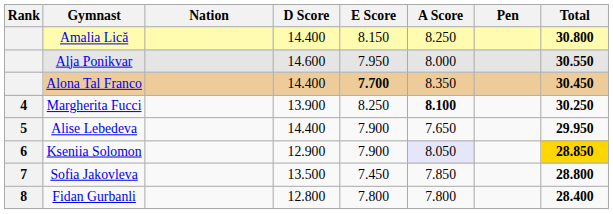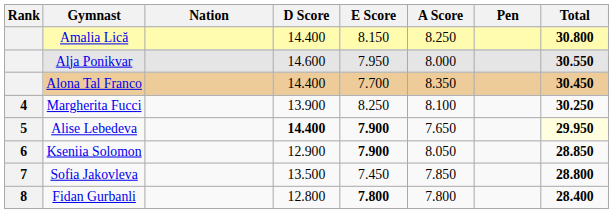 <table class="wikitable sortable" style="text-align:center; font-size:85%">
 <tr>
 <th scope="col" style="width:20px;">Rank</th>
 <th>Gymnast</th>
 <th scope="col" style="width:120px;" !>Nation</th>
 <th scope="col" style="width:60px;" !>D Score</th>
 <th scope="col" style="width:60px;" !>E Score</th>
 <th scope="col" style="width:60px;" !>A Score</th>
 <th scope="col" style="width:60px;" !>Pen</th>
 <th scope="col" style="width:60px;" !>Total</th>
 </tr>
 <tr bgcolor="fffcaf">
 <th scope="row"></th>
 <td><a href='#'>Amalia Lică</a></td>
 <td align="left"></td>
 <td>14.400</td>
 <td>8.150</td>
 <td>8.250</td>
 <td></td>
 <td><strong>30.800</strong></td>
 </tr>
 <tr bgcolor="e5e5e5">
 <th scope="row"></th>
 <td><a href='#'>Alja Ponikvar</a></td>
 <td align="left"></td>
 <td>14.600</td>
 <td>7.950</td>
 <td>8.000</td>
 <td></td>
 <td><strong>30.550</strong></td>
 </tr>
 <tr bgcolor="eecc99">
 <th scope="row"></th>
 <td><a href='#'>Alona Tal Franco</a></td>
 <td align="left"></td>
 <td>14.400</td>
-<td><strong>7.700</strong></td>
+<td>7.700</td>
 <td>8.350</td>
 <td></td>
 <td><strong>30.450</strong></td>
 </tr>
 <tr>
 <th scope="row">4</th>
 <td><a href='#'>Margherita Fucci</a></td>
 <td align="left"></td>
 <td>13.900</td>
 <td>8.250</td>
-<td><strong>8.100</strong></td>
+<td>8.100</td>
 <td></td>
 <td><strong>30.250</strong></td>
 </tr>
 <tr>
 <th scope="row">5</th>
 <td><a href='#'>Alise Lebedeva</a></td>
 <td align="left"></td>
-<td>14.400</td>
-<td>7.900</td>
+<td><strong>14.400</strong></td>
+<td><strong>7.900</strong></td>
 <td>7.650</td>
 <td></td>
-<td><strong>29.950</strong></td>
+<td style="background: lightyellow;"><strong>29.950</strong></td>
 </tr>
 <tr>
 <th scope="row">6</th>
 <td><a href='#'>Kseniia Solomon</a></td>
 <td align="left"></td>
 <td>12.900</td>
-<td>7.900</td>
-<td style="background: lavender;">8.050</td>
+<td><strong>7.900</strong></td>
+<td>8.050</td>
 <td></td>
-<td style="background: gold;"><strong>28.850</strong></td>
+<td><strong>28.850</strong></td>
 </tr>
 <tr>
 <th scope="row">7</th>
 <td><a href='#'>Sofia Jakovleva</a></td>
 <td align="left"></td>
 <td>13.500</td>
 <td>7.450</td>
 <td>7.850</td>
 <td></td>
 <td><strong>28.800</strong></td>
 </tr>
 <tr>
 <th scope="row">8</th>
 <td><a href='#'>Fidan Gurbanli</a></td>
 <td align="left"></td>
 <td>12.800</td>
-<td>7.800</td>
+<td><strong>7.800</strong></td>
 <td>7.800</td>
 <td></td>
 <td><strong>28.400</strong></td>
 </tr>
 <tr>
 </tr>
 </table>
